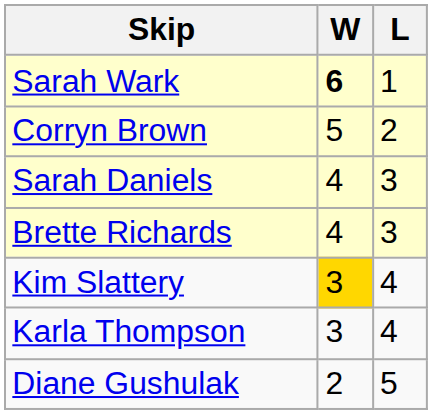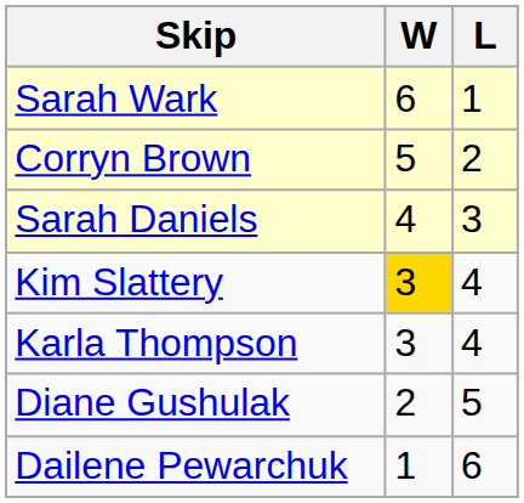 <table class=wikitable>
 <tr>
 <th width=150>Skip</th>
 <th width=20>W</th>
 <th width=20>L</th>
 </tr>
 <tr style="background:#ffffcc;">
 <td><a href='#'>Sarah Wark</a></td>
-<td><strong>6</strong></td>
+<td>6</td>
 <td>1</td>
 </tr>
 <tr style="background:#ffffcc;">
 <td><a href='#'>Corryn Brown</a></td>
 <td>5</td>
 <td>2</td>
 </tr>
 <tr style="background:#ffffcc;">
 <td><a href='#'>Sarah Daniels</a></td>
-<td>4</td>
-<td>3</td>
-</tr>
-<tr style="background:#ffffcc;">
-<td><a href='#'>Brette Richards</a></td>
 <td>4</td>
 <td>3</td>
 </tr>
 <tr>
 <td><a href='#'>Kim Slattery</a></td>
 <td style="background: gold;">3</td>
 <td>4</td>
 </tr>
 <tr>
 <td><a href='#'>Karla Thompson</a></td>
 <td>3</td>
 <td>4</td>
 </tr>
 <tr>
 <td><a href='#'>Diane Gushulak</a></td>
 <td>2</td>
 <td>5</td>
 </tr>
+<tr>
+<td><a href='#'>Dailene Pewarchuk</a></td>
+<td>1</td>
+<td>6</td>
+</tr>
 </table>
